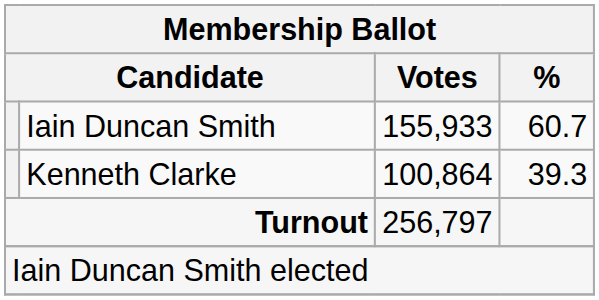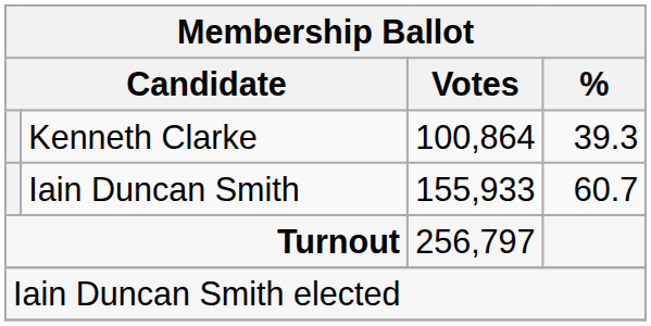 <table class="wikitable" style="font-size: 95%;">
 <tr>
 <th colspan="4">Membership Ballot</th>
 </tr>
 <tr>
 <th colspan="2" style="width: 170px">Candidate</th>
 <th style="width: 50px">Votes</th>
 <th style="width: 40px">%</th>
 </tr>
 <tr>
 <th style="background-color: "></th>
+<td style="width: 170px">Kenneth Clarke</td>
+<td align="right">100,864</td>
+<td align="right">39.3</td>
+</tr>
+<tr>
+<th style="background-color: "></th>
 <td style="width: 170px">Iain Duncan Smith</td>
 <td align="right">155,933</td>
 <td align="right">60.7</td>
-</tr>
-<tr>
-<th style="background-color: "></th>
-<td style="width: 170px">Kenneth Clarke</td>
-<td align="right">100,864</td>
-<td align="right">39.3</td>
 </tr>
 <tr style="background-color:#F6F6F6">
 <td colspan="2" align="right"><strong>Turnout</strong></td>
 <td align="right">256,797</td>
 <td align="right"></td>
 </tr>
 <tr>
 </tr>
 <tr style="background-color:#F6F6F6">
 <td colspan="4">Iain Duncan Smith elected</td>
 </tr>
 <tr>
 </tr>
 </table>
